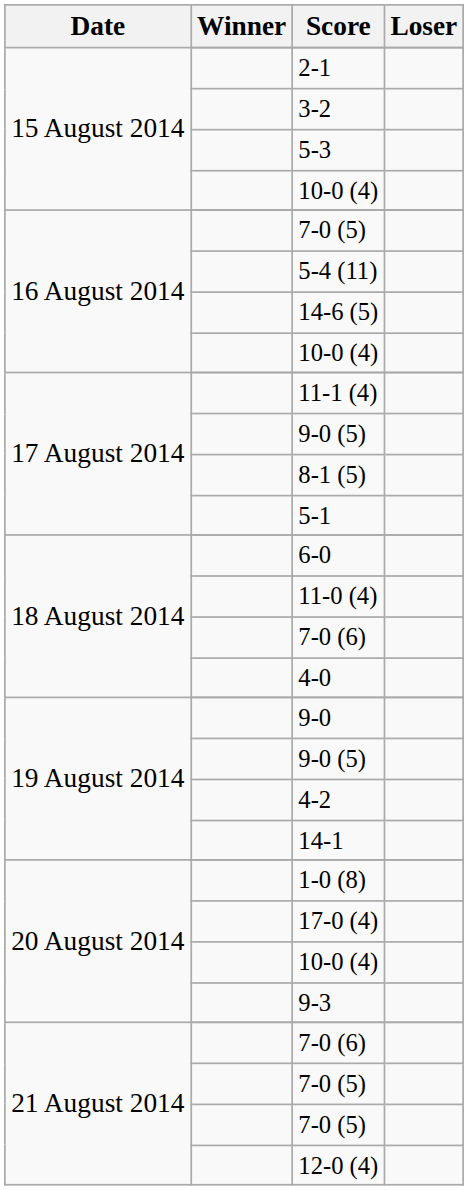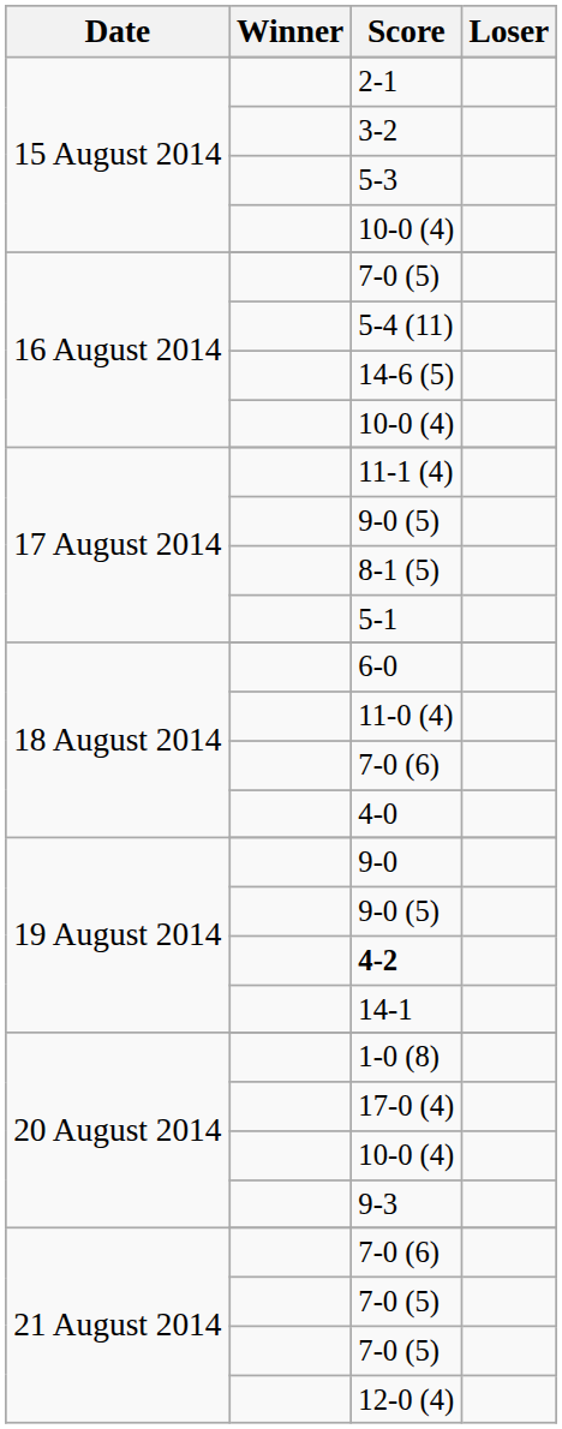 <table class="wikitable">
 <tr>
 <th>Date</th>
 <th>Winner</th>
 <th>Score</th>
 <th>Loser</th>
 </tr>
 <tr>
 <td rowspan=5>15 August 2014</td>
 </tr>
 <tr style=font-size:90%>
 <td align=right></td>
 <td>2-1</td>
 <td></td>
 </tr>
 <tr style=font-size:90%>
 <td align=right></td>
 <td>3-2</td>
 <td></td>
 </tr>
 <tr style=font-size:90%>
 <td align=right></td>
 <td>5-3</td>
 <td></td>
 </tr>
 <tr style=font-size:90%>
 <td align=right></td>
 <td>10-0 (4)</td>
 <td></td>
 </tr>
 <tr>
 <td rowspan=5>16 August 2014</td>
 </tr>
 <tr style=font-size:90%>
 <td align=right></td>
 <td>7-0 (5)</td>
 <td></td>
 </tr>
 <tr style=font-size:90%>
 <td align=right></td>
 <td>5-4 (11)</td>
 <td></td>
 </tr>
 <tr style=font-size:90%>
 <td align=right></td>
 <td>14-6 (5)</td>
 <td></td>
 </tr>
 <tr style=font-size:90%>
 <td align=right></td>
 <td>10-0 (4)</td>
 <td></td>
 </tr>
 <tr>
 <td rowspan=5>17 August 2014</td>
 </tr>
 <tr style=font-size:90%>
 <td align=right></td>
 <td>11-1 (4)</td>
 <td></td>
 </tr>
 <tr style=font-size:90%>
 <td align=right></td>
 <td>9-0 (5)</td>
 <td></td>
 </tr>
 <tr style=font-size:90%>
 <td align=right></td>
 <td>8-1 (5)</td>
 <td></td>
 </tr>
 <tr style=font-size:90%>
 <td align=right></td>
 <td>5-1</td>
 <td></td>
 </tr>
 <tr>
 <td rowspan=5>18 August 2014</td>
 </tr>
 <tr style=font-size:90%>
 <td align=right></td>
 <td>6-0</td>
 <td></td>
 </tr>
 <tr style=font-size:90%>
 <td align=right></td>
 <td>11-0 (4)</td>
 <td></td>
 </tr>
 <tr style=font-size:90%>
 <td align=right></td>
 <td>7-0 (6)</td>
 <td></td>
 </tr>
 <tr style=font-size:90%>
 <td align=right></td>
 <td>4-0</td>
 <td></td>
 </tr>
 <tr>
 <td rowspan=5>19 August 2014</td>
 </tr>
 <tr style=font-size:90%>
 <td align=right></td>
 <td>9-0</td>
 <td></td>
 </tr>
 <tr style=font-size:90%>
 <td align=right></td>
 <td>9-0 (5)</td>
 <td></td>
 </tr>
 <tr style=font-size:90%>
 <td align=right></td>
-<td>4-2</td>
+<td><strong>4-2</strong></td>
 <td></td>
 </tr>
 <tr style=font-size:90%>
 <td align=right></td>
 <td>14-1</td>
 <td></td>
 </tr>
 <tr>
 <td rowspan=5>20 August 2014</td>
 </tr>
 <tr style=font-size:90%>
 <td align=right></td>
 <td>1-0 (8)</td>
 <td></td>
 </tr>
 <tr style=font-size:90%>
 <td align=right></td>
 <td>17-0 (4)</td>
 <td></td>
 </tr>
 <tr style=font-size:90%>
 <td align=right></td>
 <td>10-0 (4)</td>
 <td></td>
 </tr>
 <tr style=font-size:90%>
 <td align=right></td>
 <td>9-3</td>
 <td></td>
 </tr>
 <tr>
 <td rowspan=5>21 August 2014</td>
 </tr>
 <tr style=font-size:90%>
 <td align=right></td>
 <td>7-0 (6)</td>
 <td></td>
 </tr>
 <tr style=font-size:90%>
 <td align=right></td>
 <td>7-0 (5)</td>
 <td></td>
 </tr>
 <tr style=font-size:90%>
 <td align=right></td>
 <td>7-0 (5)</td>
 <td></td>
 </tr>
 <tr style=font-size:90%>
 <td align=right></td>
 <td>12-0 (4)</td>
 <td></td>
 </tr>
 </table>
